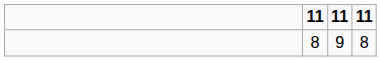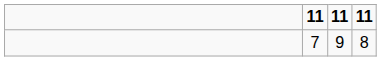 <table class="wikitable">
 <tr>
 <td style="width:18em"></td>
 <td align=center style="width:1em"><strong>11</strong></td>
 <td align=center style="width:1em"><strong>11</strong></td>
 <td align=center style="width:1em"><strong>11</strong></td>
 </tr>
 <tr>
 <td style="width:18em"></td>
-<td align=center style="width:1em">8</td>
+<td align=center style="width:1em">7</td>
 <td align=center style="width:1em">9</td>
 <td align=center style="width:1em">8</td>
 </tr>
 </table>
